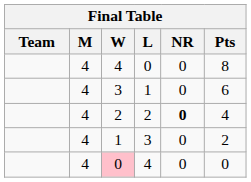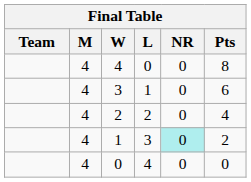 <table class="wikitable" style="text-align:left; width:40%">
 <tr>
 <th colspan="8">Final Table</th>
 </tr>
 <tr>
 <th>Team</th>
 <th>M</th>
 <th>W</th>
 <th>L</th>
 <th>NR</th>
 <th>Pts</th>
 </tr>
 <tr style="text-align:center;">
 <td align=left></td>
 <td>4</td>
 <td>4</td>
 <td>0</td>
 <td>0</td>
 <td>8</td>
 </tr>
 <tr style="text-align:center;">
 <td align=left></td>
 <td>4</td>
 <td>3</td>
 <td>1</td>
 <td>0</td>
 <td>6</td>
 </tr>
 <tr style="text-align:center;">
 <td align=left></td>
 <td>4</td>
 <td>2</td>
 <td>2</td>
-<td><strong>0</strong></td>
+<td>0</td>
 <td>4</td>
 </tr>
 <tr style="text-align:center;">
 <td align=left></td>
 <td>4</td>
 <td>1</td>
 <td>3</td>
-<td>0</td>
+<td style="background: paleturquoise;">0</td>
 <td>2</td>
 </tr>
 <tr style="text-align:center;">
 <td align=left></td>
 <td>4</td>
-<td style="background: pink;">0</td>
+<td>0</td>
 <td>4</td>
 <td>0</td>
 <td>0</td>
 </tr>
 </table>
